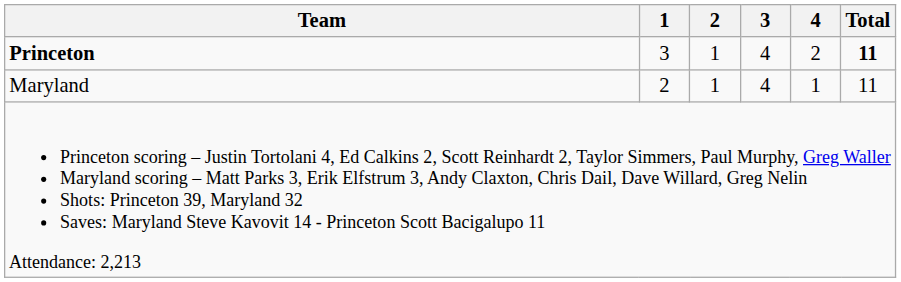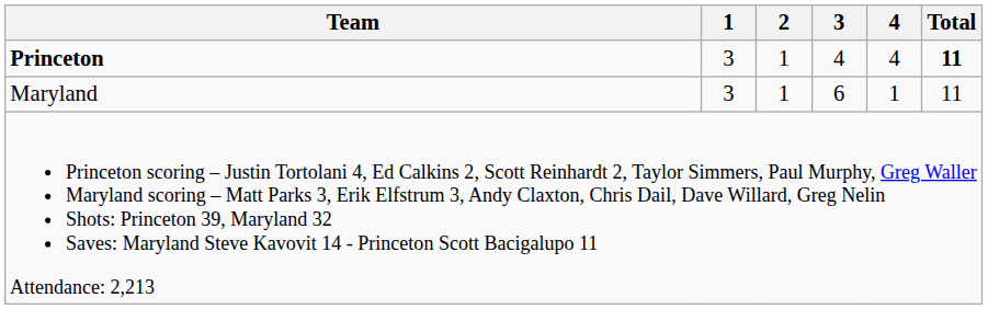 <table class="wikitable" style="text-align:center; max-width:45em">
 <tr>
 <th>Team</th>
 <th style="width:2em">1</th>
 <th style="width:2em">2</th>
 <th style="width:2em">3</th>
 <th style="width:2em">4</th>
 <th style="width:2em">Total</th>
 </tr>
 <tr>
 <td style="text-align:left"><strong>Princeton</strong></td>
 <td>3</td>
 <td>1</td>
 <td>4</td>
-<td>2</td>
+<td>4</td>
 <td><strong>11</strong></td>
 </tr>
 <tr>
 <td style="text-align:left">Maryland</td>
-<td>2</td>
+<td>3</td>
 <td>1</td>
-<td>4</td>
+<td>6</td>
 <td>1</td>
 <td>11</td>
 </tr>
 <tr>
 <td colspan=6 style="text-align:left; font-size:88%;"><br><ul><li>Princeton scoring – Justin Tortolani 4, Ed Calkins 2, Scott Reinhardt 2, Taylor Simmers, Paul Murphy, <a href='#'>Greg Waller</a></li><li>Maryland scoring – Matt Parks 3, Erik Elfstrum 3, Andy Claxton, Chris Dail, Dave Willard, Greg Nelin</li><li>Shots: Princeton 39, Maryland 32</li><li>Saves: Maryland Steve Kavovit 14 - Princeton Scott Bacigalupo 11</li></ul>Attendance: 2,213 </td>
 </tr>
 </table>
